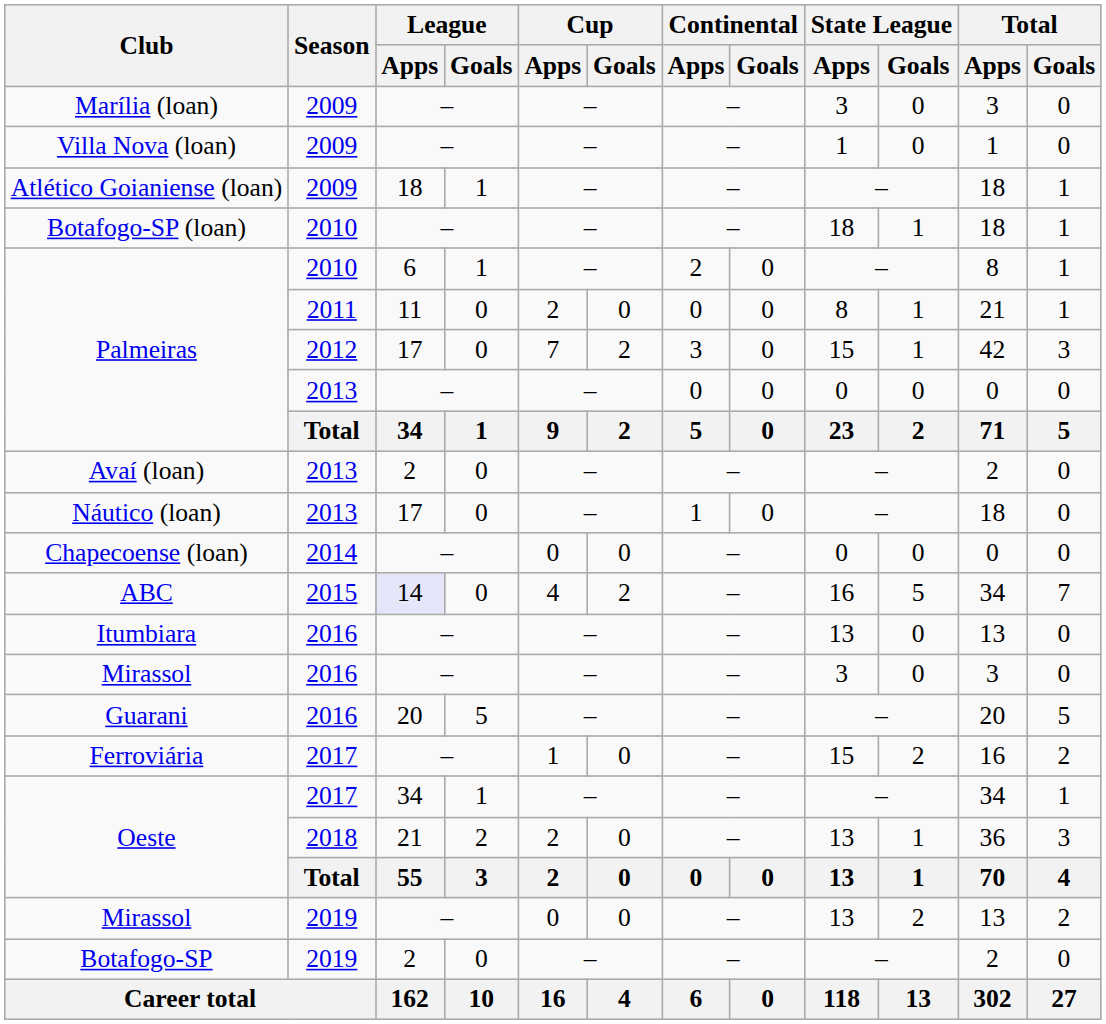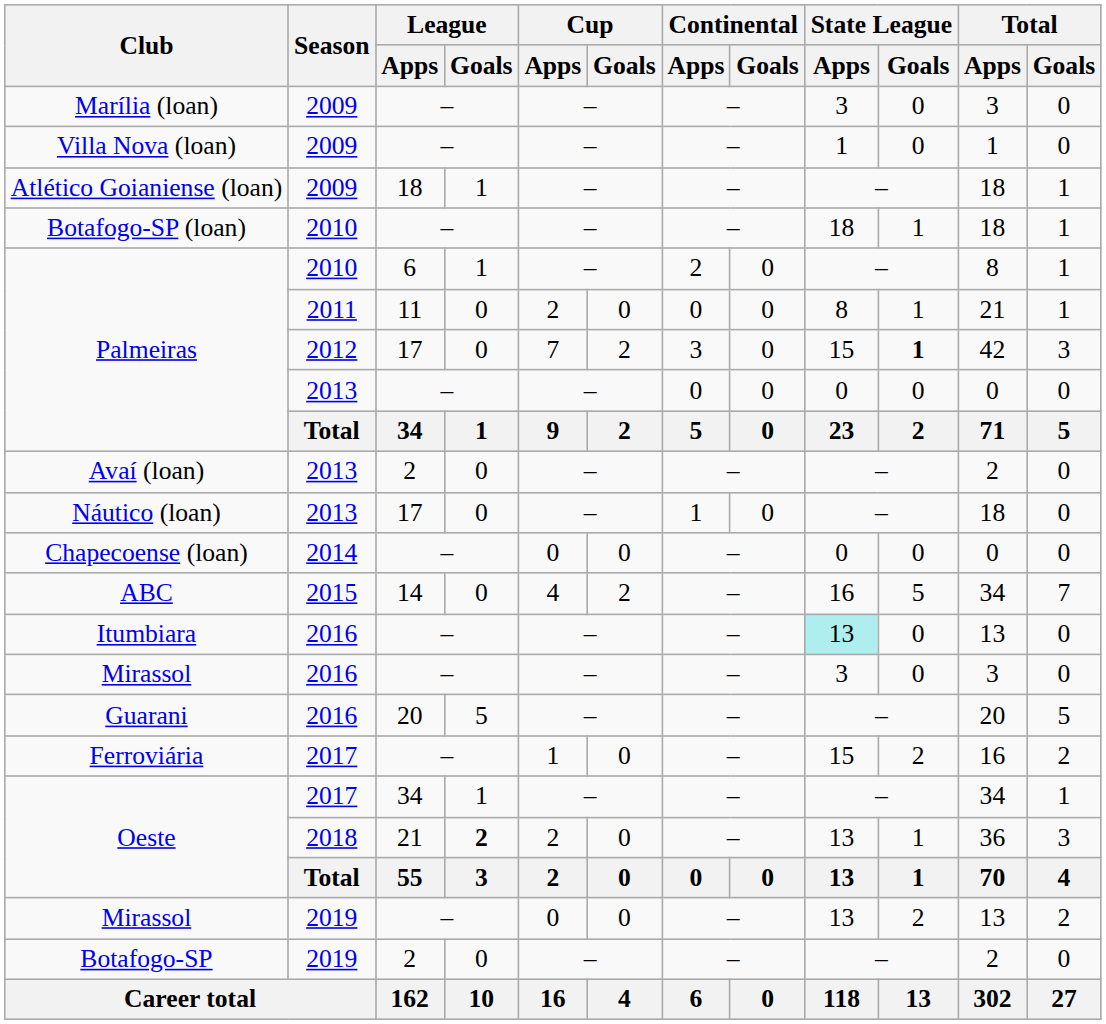 <table class="wikitable" style="text-align: center;">
 <tr>
 <th rowspan="2">Club</th>
 <th rowspan="2">Season</th>
 <th colspan="2">League</th>
 <th colspan="2">Cup</th>
 <th colspan="2">Continental</th>
 <th colspan="2">State League</th>
 <th colspan="2">Total</th>
 </tr>
 <tr>
 <th>Apps</th>
 <th>Goals</th>
 <th>Apps</th>
 <th>Goals</th>
 <th>Apps</th>
 <th>Goals</th>
 <th>Apps</th>
 <th>Goals</th>
 <th>Apps</th>
 <th>Goals</th>
 </tr>
 <tr>
 <td><a href='#'>Marília</a> (loan)</td>
 <td><a href='#'>2009</a></td>
 <td colspan=2>–</td>
 <td colspan=2>–</td>
 <td colspan=2>–</td>
 <td>3</td>
 <td>0</td>
 <td>3</td>
 <td>0</td>
 </tr>
 <tr>
 <td><a href='#'>Villa Nova</a> (loan)</td>
 <td><a href='#'>2009</a></td>
 <td colspan=2>–</td>
 <td colspan=2>–</td>
 <td colspan=2>–</td>
 <td>1</td>
 <td>0</td>
 <td>1</td>
 <td>0</td>
 </tr>
 <tr>
 <td><a href='#'>Atlético Goianiense</a> (loan)</td>
 <td><a href='#'>2009</a></td>
 <td>18</td>
 <td>1</td>
 <td colspan=2>–</td>
 <td colspan=2>–</td>
 <td colspan=2>–</td>
 <td>18</td>
 <td>1</td>
 </tr>
 <tr>
 <td><a href='#'>Botafogo-SP</a> (loan)</td>
 <td><a href='#'>2010</a></td>
 <td colspan=2>–</td>
 <td colspan=2>–</td>
 <td colspan=2>–</td>
 <td>18</td>
 <td>1</td>
 <td>18</td>
 <td>1</td>
 </tr>
 <tr>
 <td rowspan="5"><a href='#'>Palmeiras</a></td>
 <td><a href='#'>2010</a></td>
 <td>6</td>
 <td>1</td>
 <td colspan=2>–</td>
 <td>2</td>
 <td>0</td>
 <td colspan=2>–</td>
 <td>8</td>
 <td>1</td>
 </tr>
 <tr>
 <td><a href='#'>2011</a></td>
 <td>11</td>
 <td>0</td>
 <td>2</td>
 <td>0</td>
 <td>0</td>
 <td>0</td>
 <td>8</td>
 <td>1</td>
 <td>21</td>
 <td>1</td>
 </tr>
 <tr>
 <td><a href='#'>2012</a></td>
 <td>17</td>
 <td>0</td>
 <td>7</td>
 <td>2</td>
 <td>3</td>
 <td>0</td>
 <td>15</td>
-<td>1</td>
+<td><strong>1</strong></td>
 <td>42</td>
 <td>3</td>
 </tr>
 <tr>
 <td><a href='#'>2013</a></td>
 <td colspan=2>–</td>
 <td colspan=2>–</td>
 <td>0</td>
 <td>0</td>
 <td>0</td>
 <td>0</td>
 <td>0</td>
 <td>0</td>
 </tr>
 <tr>
 <th>Total</th>
 <th>34</th>
 <th>1</th>
 <th>9</th>
 <th>2</th>
 <th>5</th>
 <th>0</th>
 <th>23</th>
 <th>2</th>
 <th>71</th>
 <th>5</th>
 </tr>
 <tr>
 <td><a href='#'>Avaí</a> (loan)</td>
 <td><a href='#'>2013</a></td>
 <td>2</td>
 <td>0</td>
 <td colspan=2>–</td>
 <td colspan=2>–</td>
 <td colspan=2>–</td>
 <td>2</td>
 <td>0</td>
 </tr>
 <tr>
 <td><a href='#'>Náutico</a> (loan)</td>
 <td><a href='#'>2013</a></td>
 <td>17</td>
 <td>0</td>
 <td colspan=2>–</td>
 <td>1</td>
 <td>0</td>
 <td colspan=2>–</td>
 <td>18</td>
 <td>0</td>
 </tr>
 <tr>
 <td><a href='#'>Chapecoense</a> (loan)</td>
 <td><a href='#'>2014</a></td>
 <td colspan=2>–</td>
 <td>0</td>
 <td>0</td>
 <td colspan=2>–</td>
 <td>0</td>
 <td>0</td>
 <td>0</td>
 <td>0</td>
 </tr>
 <tr>
 <td><a href='#'>ABC</a></td>
 <td><a href='#'>2015</a></td>
-<td style="background: lavender;">14</td>
+<td>14</td>
 <td>0</td>
 <td>4</td>
 <td>2</td>
 <td colspan=2>–</td>
 <td>16</td>
 <td>5</td>
 <td>34</td>
 <td>7</td>
 </tr>
 <tr>
 <td><a href='#'>Itumbiara</a></td>
 <td><a href='#'>2016</a></td>
 <td colspan=2>–</td>
 <td colspan=2>–</td>
 <td colspan=2>–</td>
-<td>13</td>
+<td style="background: paleturquoise;">13</td>
 <td>0</td>
 <td>13</td>
 <td>0</td>
 </tr>
 <tr>
 <td><a href='#'>Mirassol</a></td>
 <td><a href='#'>2016</a></td>
 <td colspan=2>–</td>
 <td colspan=2>–</td>
 <td colspan=2>–</td>
 <td>3</td>
 <td>0</td>
 <td>3</td>
 <td>0</td>
 </tr>
 <tr>
 <td><a href='#'>Guarani</a></td>
 <td><a href='#'>2016</a></td>
 <td>20</td>
 <td>5</td>
 <td colspan=2>–</td>
 <td colspan=2>–</td>
 <td colspan=2>–</td>
 <td>20</td>
 <td>5</td>
 </tr>
 <tr>
 <td><a href='#'>Ferroviária</a></td>
 <td><a href='#'>2017</a></td>
 <td colspan=2>–</td>
 <td>1</td>
 <td>0</td>
 <td colspan=2>–</td>
 <td>15</td>
 <td>2</td>
 <td>16</td>
 <td>2</td>
 </tr>
 <tr>
 <td rowspan=3><a href='#'>Oeste</a></td>
 <td><a href='#'>2017</a></td>
 <td>34</td>
 <td>1</td>
 <td colspan=2>–</td>
 <td colspan=2>–</td>
 <td colspan=2>–</td>
 <td>34</td>
 <td>1</td>
 </tr>
 <tr>
 <td><a href='#'>2018</a></td>
 <td>21</td>
-<td>2</td>
+<td><strong>2</strong></td>
 <td>2</td>
 <td>0</td>
 <td colspan=2>–</td>
 <td>13</td>
 <td>1</td>
 <td>36</td>
 <td>3</td>
 </tr>
 <tr>
 <th>Total</th>
 <th>55</th>
 <th>3</th>
 <th>2</th>
 <th>0</th>
 <th>0</th>
 <th>0</th>
 <th>13</th>
 <th>1</th>
 <th>70</th>
 <th>4</th>
 </tr>
 <tr>
 <td><a href='#'>Mirassol</a></td>
 <td><a href='#'>2019</a></td>
 <td colspan=2>–</td>
 <td>0</td>
 <td>0</td>
 <td colspan=2>–</td>
 <td>13</td>
 <td>2</td>
 <td>13</td>
 <td>2</td>
 </tr>
 <tr>
 <td><a href='#'>Botafogo-SP</a></td>
 <td><a href='#'>2019</a></td>
 <td>2</td>
 <td>0</td>
 <td colspan=2>–</td>
 <td colspan=2>–</td>
 <td colspan=2>–</td>
 <td>2</td>
 <td>0</td>
 </tr>
 <tr>
 <th colspan="2">Career total</th>
 <th>162</th>
 <th>10</th>
 <th>16</th>
 <th>4</th>
 <th>6</th>
 <th>0</th>
 <th>118</th>
 <th>13</th>
 <th>302</th>
 <th>27</th>
 </tr>
 </table>
